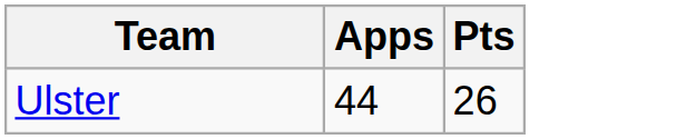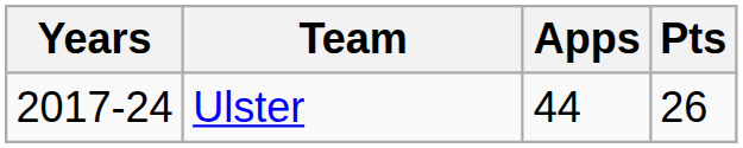 <table class="wikitable" style="text-align:left;">
 <tr>
+<th>Years</th>
 <th width=120px>Team</th>
 <th>Apps</th>
 <th>Pts</th>
 </tr>
 <tr>
+<td>2017-24</td>
 <td><a href='#'>Ulster</a></td>
 <td>44</td>
 <td>26</td>
 </tr>
 </table>
